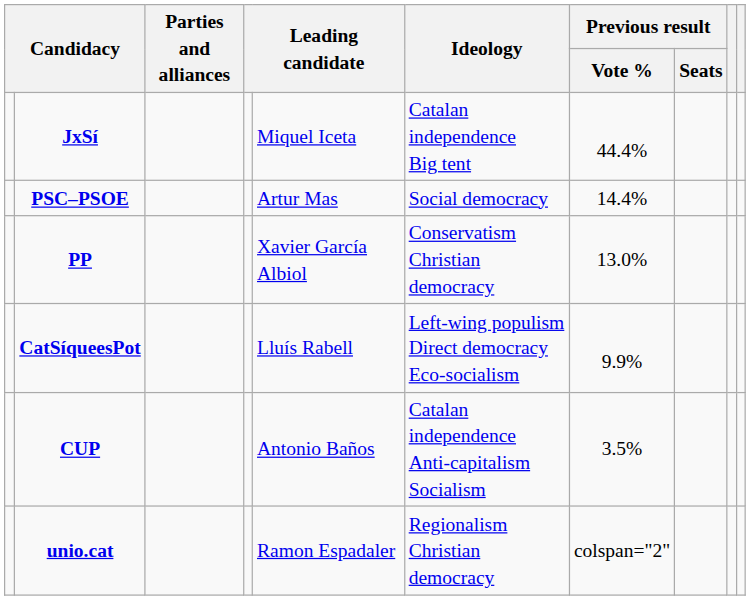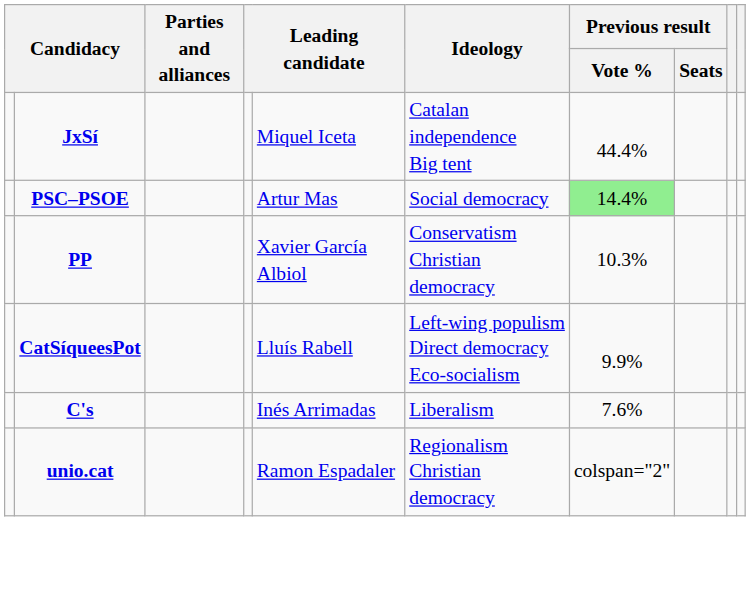 <table class="wikitable" style="line-height:1.35em; text-align:left;">
 <tr>
 <th colspan="2" rowspan="2">Candidacy</th>
 <th rowspan="2">Parties and<br>alliances</th>
 <th colspan="2" rowspan="2">Leading candidate</th>
 <th rowspan="2">Ideology</th>
 <th colspan="2">Previous result</th>
 <th rowspan="2"></th>
 <th rowspan="2"></th>
 </tr>
 <tr>
 <th>Vote %</th>
 <th>Seats</th>
 </tr>
 <tr>
 <td width="1" style="color:inherit;background:"></td>
 <td align="center"><strong><a href='#'>JxSí</a></strong></td>
 <td></td>
 <td></td>
 <td><a href='#'>Miquel Iceta</a></td>
 <td><a href='#'>Catalan independence</a><br><a href='#'>Big tent</a></td>
 <td align="center"><br>44.4%<br></td>
 <td></td>
 <td></td>
 <td><br></td>
 </tr>
 <tr>
 <td style="color:inherit;background:"></td>
 <td align="center"><strong><a href='#'>PSC–PSOE</a></strong></td>
 <td></td>
 <td></td>
 <td><a href='#'>Artur Mas</a></td>
 <td><a href='#'>Social democracy</a></td>
-<td align="center">14.4%</td>
+<td align="center" style="background: lightgreen;">14.4%</td>
 <td></td>
 <td></td>
 <td></td>
 </tr>
 <tr>
 <td style="color:inherit;background:"></td>
 <td align="center"><strong><a href='#'>PP</a></strong></td>
 <td></td>
 <td></td>
 <td><a href='#'>Xavier García Albiol</a></td>
 <td><a href='#'>Conservatism</a><br><a href='#'>Christian democracy</a></td>
-<td align="center">13.0%</td>
+<td align="center">10.3%</td>
 <td></td>
 <td></td>
 <td></td>
 </tr>
 <tr>
 <td style="color:inherit;background:"></td>
 <td align="center"><strong><a href='#'>CatSíqueesPot</a></strong></td>
 <td></td>
 <td></td>
 <td><a href='#'>Lluís Rabell</a></td>
 <td><a href='#'>Left-wing populism</a><br><a href='#'>Direct democracy</a><br><a href='#'>Eco-socialism</a></td>
 <td align="center"><br>9.9%<br></td>
 <td></td>
 <td></td>
 <td></td>
 </tr>
 <tr>
 <td style="color:inherit;background:"></td>
-<td align="center"><strong><a href='#'>CUP</a></strong></td>
+<td align="center"><strong><a href='#'>C's</a></strong></td>
 <td></td>
 <td></td>
-<td><a href='#'>Antonio Baños</a></td>
-<td><a href='#'>Catalan independence</a><br><a href='#'>Anti-capitalism</a><br><a href='#'>Socialism</a></td>
-<td align="center">3.5%</td>
+<td><a href='#'>Inés Arrimadas</a></td>
+<td><a href='#'>Liberalism</a></td>
+<td align="center">7.6%</td>
 <td></td>
 <td></td>
-<td><br><br></td>
+<td></td>
 </tr>
 <tr>
 <td style="color:inherit;background:"></td>
 <td align="center"><strong><a href='#'>unio.cat</a></strong></td>
 <td></td>
 <td></td>
 <td><a href='#'>Ramon Espadaler</a></td>
 <td><a href='#'>Regionalism</a><br><a href='#'>Christian democracy</a></td>
 <td>colspan="2" </td>
 <td></td>
 <td><br></td>
 </tr>
 </table>
